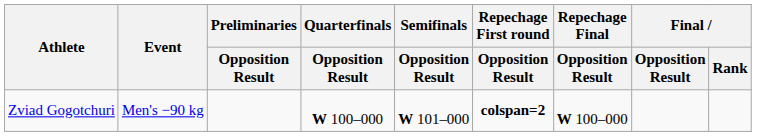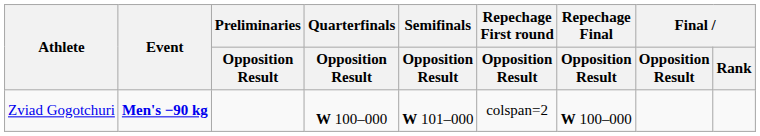 <table class="wikitable" style="font-size:90%">
 <tr>
 <th rowspan="2">Athlete</th>
 <th rowspan="2">Event</th>
 <th>Preliminaries</th>
 <th>Quarterfinals</th>
 <th>Semifinals</th>
 <th>Repechage<br>First round</th>
 <th>Repechage<br>Final</th>
 <th colspan="2">Final / </th>
 </tr>
 <tr>
 <th>Opposition<br>Result</th>
 <th>Opposition<br>Result</th>
 <th>Opposition<br>Result</th>
 <th>Opposition<br>Result</th>
 <th>Opposition<br>Result</th>
 <th>Opposition<br>Result</th>
 <th>Rank</th>
 </tr>
 <tr align=center>
 <td align=left><a href='#'>Zviad Gogotchuri</a></td>
-<td align=left><a href='#'>Men's −90 kg</a></td>
+<td align=left><strong><a href='#'>Men's −90 kg</a></strong></td>
 <td></td>
 <td><br><strong>W</strong> 100–000</td>
 <td><br><strong>W</strong> 101–000</td>
-<td><strong>colspan=2 </strong></td>
+<td>colspan=2 </td>
 <td><br><strong>W</strong> 100–000</td>
 <td></td>
 </tr>
 </table>
